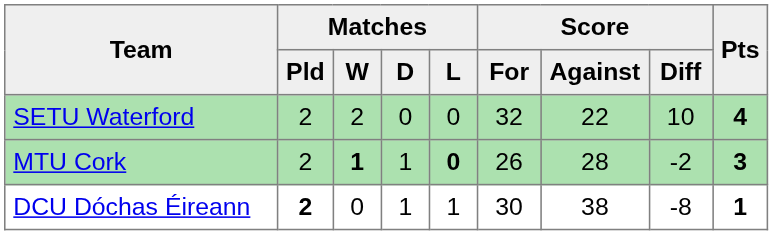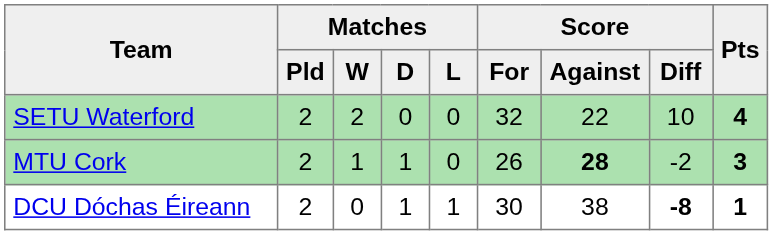 <table style=border-collapse:collapse border=1 cellspacing=0 cellpadding=5>
 <tr align=center bgcolor=#efefef>
 <th rowspan=2 width=165>Team</th>
 <th colspan=4>Matches</th>
 <th colspan=3>Score</th>
 <th rowspan=2width=20>Pts</th>
 </tr>
 <tr align=center bgcolor=#efefef>
 <th width=20>Pld</th>
 <th width=20>W</th>
 <th width=20>D</th>
 <th width=20>L</th>
 <th width=30>For</th>
 <th width=30>Against</th>
 <th width=30>Diff</th>
 </tr>
 <tr align=center style="background:#ACE1AF;">
 <td style="text-align:left;"><a href='#'>SETU Waterford</a></td>
 <td>2</td>
 <td>2</td>
 <td>0</td>
 <td>0</td>
 <td>32</td>
 <td>22</td>
 <td>10</td>
 <td><strong>4</strong></td>
 </tr>
 <tr align=center style="background:#ACE1AF;">
 <td style="text-align:left;"><a href='#'>MTU Cork</a></td>
 <td>2</td>
-<td><strong>1</strong></td>
 <td>1</td>
-<td><strong>0</strong></td>
+<td>1</td>
+<td>0</td>
 <td>26</td>
-<td>28</td>
+<td><strong>28</strong></td>
 <td>-2</td>
 <td><strong>3</strong></td>
 </tr>
 <tr align=center>
 <td style="text-align:left;"><a href='#'>DCU Dóchas Éireann</a></td>
-<td><strong>2</strong></td>
+<td>2</td>
 <td>0</td>
 <td>1</td>
 <td>1</td>
 <td>30</td>
 <td>38</td>
-<td>-8</td>
+<td><strong>-8</strong></td>
 <td><strong>1</strong></td>
 </tr>
 </table>
